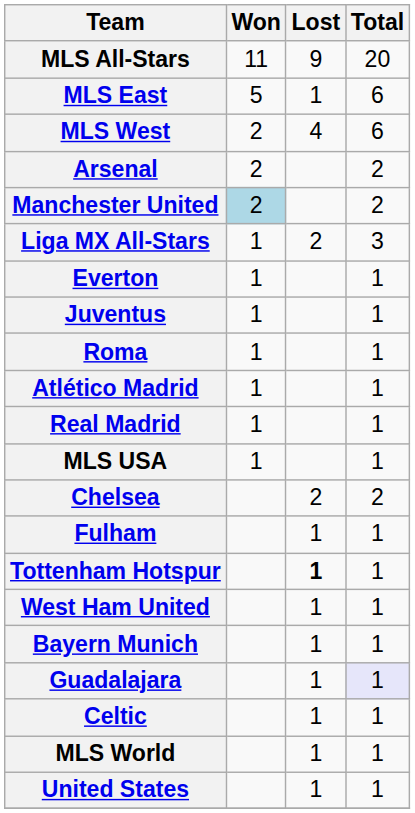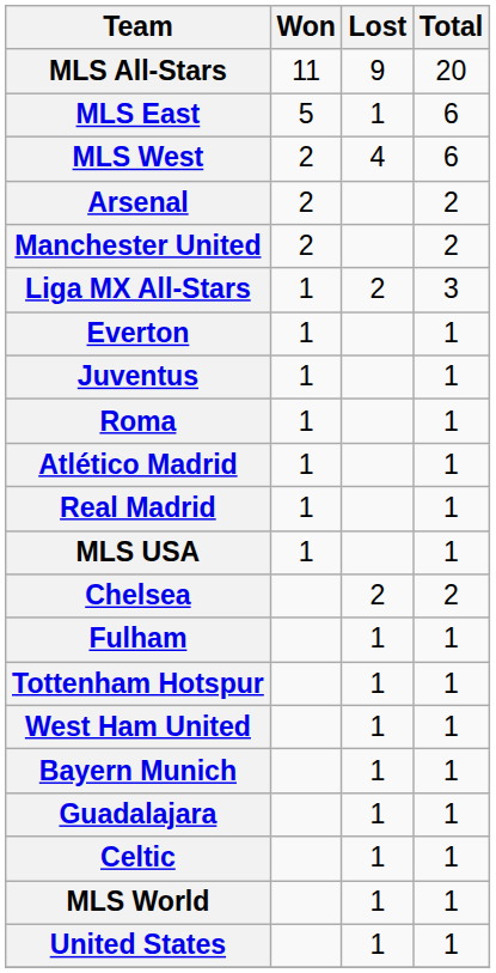 <table class="wikitable plainrowheaders sortable" style="text-align:center">
 <tr>
 <th>Team</th>
 <th>Won</th>
 <th>Lost</th>
 <th>Total</th>
 </tr>
 <tr>
 <th scope="row"> MLS All-Stars</th>
 <td>11</td>
 <td>9</td>
 <td>20</td>
 </tr>
 <tr>
 <th scope="row"> <a href='#'>MLS East</a></th>
 <td>5</td>
 <td>1</td>
 <td>6</td>
 </tr>
 <tr>
 <th scope="row"> <a href='#'>MLS West</a></th>
 <td>2</td>
 <td>4</td>
 <td>6</td>
 </tr>
 <tr>
 <th scope="row"> <a href='#'>Arsenal</a></th>
 <td>2</td>
 <td></td>
 <td>2</td>
 </tr>
 <tr>
 <th scope="row"> <a href='#'>Manchester United</a></th>
-<td style="background: lightblue;">2</td>
+<td>2</td>
 <td></td>
 <td>2</td>
 </tr>
 <tr>
 <th scope="row"> <a href='#'>Liga MX All-Stars</a></th>
 <td>1</td>
 <td>2</td>
 <td>3</td>
 </tr>
 <tr>
 <th scope="row"> <a href='#'>Everton</a></th>
 <td>1</td>
 <td></td>
 <td>1</td>
 </tr>
 <tr>
 <th scope="row"> <a href='#'>Juventus</a></th>
 <td>1</td>
 <td></td>
 <td>1</td>
 </tr>
 <tr>
 <th scope="row"> <a href='#'>Roma</a></th>
 <td>1</td>
 <td></td>
 <td>1</td>
 </tr>
 <tr>
 <th scope="row"> <a href='#'>Atlético Madrid</a></th>
 <td>1</td>
 <td></td>
 <td>1</td>
 </tr>
 <tr>
 <th scope="row"> <a href='#'>Real Madrid</a></th>
 <td>1</td>
 <td></td>
 <td>1</td>
 </tr>
 <tr>
 <th scope="row"> MLS USA</th>
 <td>1</td>
 <td></td>
 <td>1</td>
 </tr>
 <tr>
 <th scope="row"> <a href='#'>Chelsea</a></th>
 <td></td>
 <td>2</td>
 <td>2</td>
 </tr>
 <tr>
 <th scope="row"> <a href='#'>Fulham</a></th>
 <td></td>
 <td>1</td>
 <td>1</td>
 </tr>
 <tr>
 <th scope="row"> <a href='#'>Tottenham Hotspur</a></th>
 <td></td>
-<td><strong>1</strong></td>
+<td>1</td>
 <td>1</td>
 </tr>
 <tr>
 <th scope="row"> <a href='#'>West Ham United</a></th>
 <td></td>
 <td>1</td>
 <td>1</td>
 </tr>
 <tr>
 <th scope="row"> <a href='#'>Bayern Munich</a></th>
 <td></td>
 <td>1</td>
 <td>1</td>
 </tr>
 <tr>
 <th scope="row"> <a href='#'>Guadalajara</a></th>
 <td></td>
 <td>1</td>
-<td style="background: lavender;">1</td>
+<td>1</td>
 </tr>
 <tr>
 <th scope="row"> <a href='#'>Celtic</a></th>
 <td></td>
 <td>1</td>
 <td>1</td>
 </tr>
 <tr>
 <th scope="row"> MLS World</th>
 <td></td>
 <td>1</td>
 <td>1</td>
 </tr>
 <tr>
 <th scope="row"> <a href='#'>United States</a></th>
 <td></td>
 <td>1</td>
 <td>1</td>
 </tr>
 <tr>
 </tr>
 </table>
